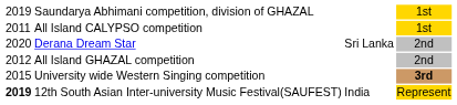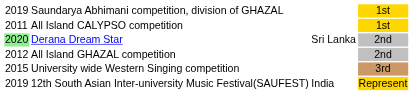 <table>
 <tr>
 <td>2019</td>
 <td>Saundarya Abhimani competition, division of GHAZAL</td>
 <td rowspan="5">Sri Lanka</td>
 <td style="background:gold; text-align:center;">1st</td>
 </tr>
 <tr>
 <td>2011</td>
 <td>All Island CALYPSO competition</td>
 <td style="background:gold; text-align:center;">1st</td>
 </tr>
 <tr>
-<td>2020</td>
+<td style="background: lightgreen;">2020</td>
 <td><a href='#'>Derana Dream Star</a></td>
 <td style="background:silver; text-align:center;">2nd</td>
 </tr>
 <tr>
 <td>2012</td>
 <td>All Island GHAZAL competition</td>
 <td style="background:silver; text-align:center;">2nd</td>
 </tr>
 <tr>
 <td>2015</td>
 <td>University wide Western Singing competition</td>
-<td style="background:#c96; text-align:center;"><strong>3rd</strong></td>
+<td style="background:#c96; text-align:center;">3rd</td>
 </tr>
 <tr>
-<td><strong>2019</strong></td>
+<td>2019</td>
 <td>12th South Asian Inter-university Music Festival(SAUFEST)</td>
 <td>India</td>
 <td style="background: gold;">Represent</td>
 </tr>
 </table>
